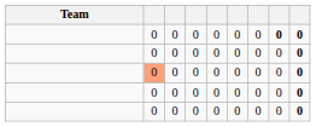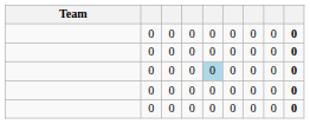 <table class="wikitable" style="text-align:center">
 <tr>
 <th width="175">Team</th>
 <th width="20"></th>
 <th width="20"></th>
 <th width="20"></th>
 <th width="20"></th>
 <th width="20"></th>
 <th width="20"></th>
 <th width="20"></th>
 <th width="20"></th>
 </tr>
 <tr>
 <td align=left></td>
 <td>0</td>
 <td>0</td>
 <td>0</td>
 <td>0</td>
 <td>0</td>
 <td>0</td>
-<td><strong>0</strong></td>
+<td>0</td>
 <td><strong>0</strong></td>
 </tr>
 <tr>
 <td align=left></td>
 <td>0</td>
 <td>0</td>
 <td>0</td>
 <td>0</td>
 <td>0</td>
 <td>0</td>
 <td>0</td>
 <td><strong>0</strong></td>
 </tr>
 <tr>
 <td align=left></td>
-<td style="background: lightsalmon;">0</td>
 <td>0</td>
 <td>0</td>
 <td>0</td>
+<td style="background: lightblue;">0</td>
 <td>0</td>
 <td>0</td>
 <td>0</td>
 <td><strong>0</strong></td>
 </tr>
 <tr>
 <td align=left></td>
 <td>0</td>
 <td>0</td>
 <td>0</td>
 <td>0</td>
 <td>0</td>
 <td>0</td>
 <td>0</td>
 <td><strong>0</strong></td>
 </tr>
 <tr>
 <td align=left></td>
 <td>0</td>
 <td>0</td>
 <td>0</td>
 <td>0</td>
 <td>0</td>
 <td>0</td>
 <td>0</td>
 <td><strong>0</strong></td>
 </tr>
 </table>
